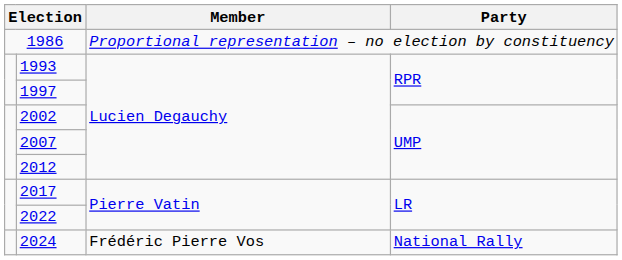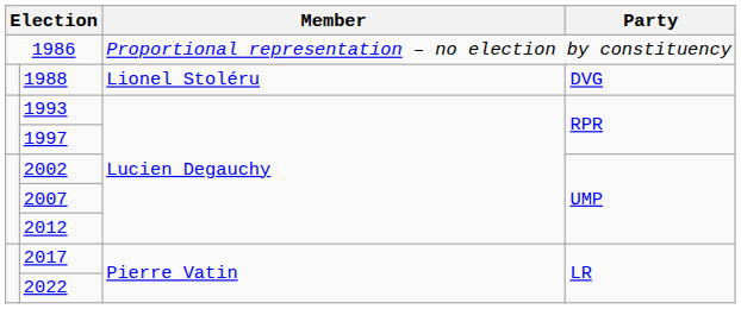 <table class="wikitable">
 <tr>
 <th colspan="2">Election</th>
 <th>Member</th>
 <th>Party</th>
 </tr>
 <tr>
 <td colspan="2" align="center"><a href='#'>1986</a></td>
 <td colspan="2"><em><a href='#'>Proportional representation</a> – no election by constituency</em></td>
+</tr>
+<tr>
+<td style="color:inherit;background-color: "></td>
+<td><a href='#'>1988</a></td>
+<td><a href='#'>Lionel Stoléru</a></td>
+<td><a href='#'>DVG</a></td>
 </tr>
 <tr>
 <td rowspan="2" style="background-color: "></td>
 <td><a href='#'>1993</a></td>
 <td rowspan="5"><a href='#'>Lucien Degauchy</a></td>
 <td rowspan="2"><a href='#'>RPR</a></td>
 </tr>
 <tr>
 <td><a href='#'>1997</a></td>
 </tr>
 <tr>
 <td rowspan="3" style="background-color: "></td>
 <td><a href='#'>2002</a></td>
 <td rowspan="3"><a href='#'>UMP</a></td>
 </tr>
 <tr>
 <td><a href='#'>2007</a></td>
 </tr>
 <tr>
 <td><a href='#'>2012</a></td>
 </tr>
 <tr>
 <td rowspan="2" style="background-color: "></td>
 <td><a href='#'>2017</a></td>
 <td rowspan="2"><a href='#'>Pierre Vatin</a></td>
 <td rowspan="2"><a href='#'>LR</a></td>
 </tr>
 <tr>
 <td><a href='#'>2022</a></td>
 </tr>
-<tr>
-<td style="background-color: "></td>
-<td><a href='#'>2024</a></td>
-<td>Frédéric Pierre Vos</td>
-<td><a href='#'>National Rally</a></td>
-</tr>
 </table>
